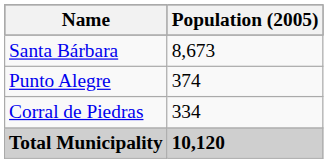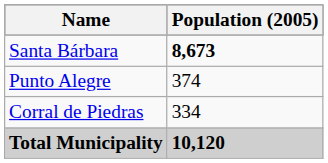 <table class="wikitable">
 <tr style="background:#000000; color:black;">
 <th><strong>Name</strong></th>
 <th><strong>Population (2005)</strong></th>
 </tr>
 <tr>
 <td><a href='#'>Santa Bárbara</a></td>
-<td>8,673</td>
+<td><strong>8,673</strong></td>
 </tr>
 <tr>
 <td><a href='#'>Punto Alegre</a></td>
 <td>374</td>
 </tr>
 <tr>
 <td><a href='#'>Corral de Piedras</a></td>
 <td>334</td>
 </tr>
 <tr style="background:#CFCFCF;">
 <td><strong>Total Municipality</strong></td>
 <td><strong>10,120</strong></td>
 </tr>
 </table>
